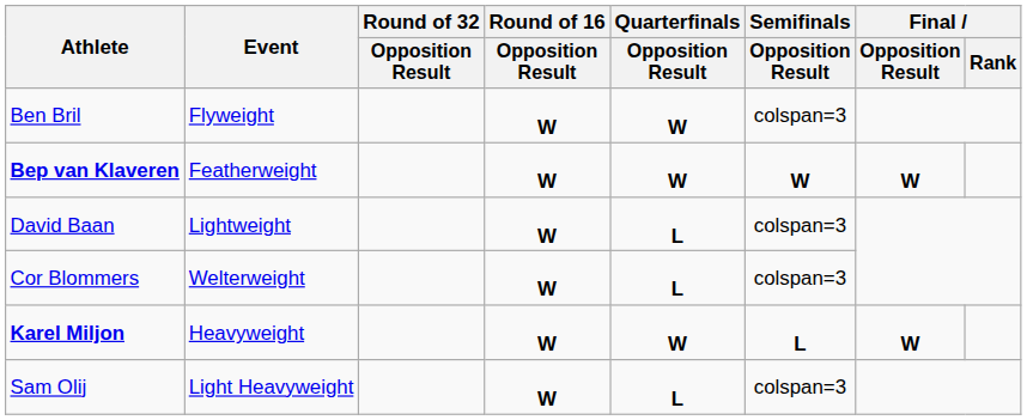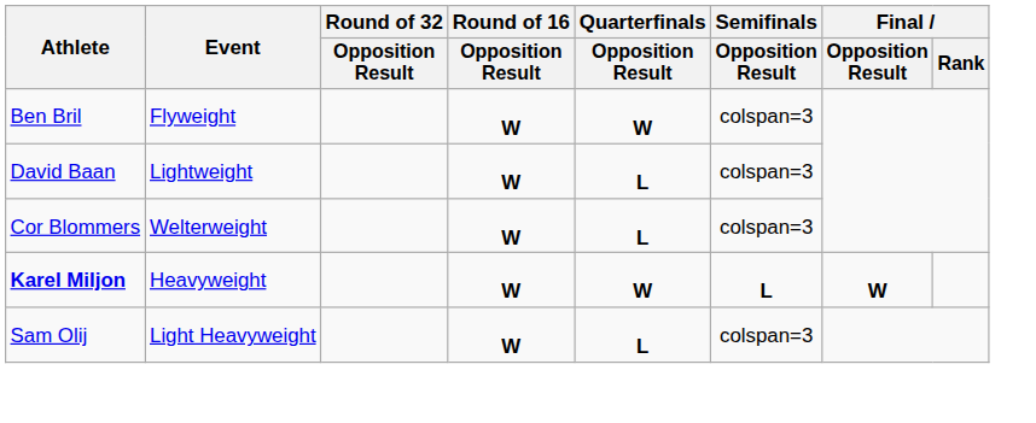 <table class="wikitable" style="font-size:90%">
 <tr>
 <th rowspan=2>Athlete</th>
 <th rowspan=2>Event</th>
 <th>Round of 32</th>
 <th>Round of 16</th>
 <th>Quarterfinals</th>
 <th>Semifinals</th>
 <th colspan=2>Final / </th>
 </tr>
 <tr style="font-size:95%">
 <th>Opposition<br>Result</th>
 <th>Opposition<br>Result</th>
 <th>Opposition<br>Result</th>
 <th>Opposition<br>Result</th>
 <th>Opposition<br>Result</th>
 <th>Rank</th>
 </tr>
 <tr align=center>
 <td align=left><a href='#'>Ben Bril</a></td>
 <td align=left><a href='#'>Flyweight</a></td>
 <td></td>
 <td><br><strong>W</strong></td>
 <td><br><strong>W</strong></td>
 <td>colspan=3 </td>
-</tr>
-<tr align=center>
-<td align=left><strong><a href='#'>Bep van Klaveren</a></strong></td>
-<td align=left><a href='#'>Featherweight</a></td>
-<td></td>
-<td><br><strong>W</strong></td>
-<td><br><strong>W</strong></td>
-<td><br><strong>W</strong></td>
-<td><br><strong>W</strong></td>
-<td></td>
 </tr>
 <tr align=center>
 <td align=left><a href='#'>David Baan</a></td>
 <td align=left><a href='#'>Lightweight</a></td>
 <td></td>
 <td><br><strong>W</strong></td>
 <td><br><strong>L</strong></td>
 <td>colspan=3 </td>
 </tr>
 <tr align=center>
 <td align=left><a href='#'>Cor Blommers</a></td>
 <td align=left><a href='#'>Welterweight</a></td>
 <td></td>
 <td><br><strong>W</strong></td>
 <td><br><strong>L</strong></td>
 <td>colspan=3 </td>
 </tr>
 <tr align=center>
 <td align=left><strong><a href='#'>Karel Miljon </a></strong></td>
 <td align=left><a href='#'>Heavyweight</a></td>
 <td></td>
 <td><br><strong>W</strong></td>
 <td><br><strong>W</strong></td>
 <td><br><strong>L</strong></td>
 <td><br><strong>W</strong></td>
 <td></td>
 </tr>
 <tr align=center>
 <td align=left><a href='#'>Sam Olij</a></td>
 <td align=left><a href='#'>Light Heavyweight</a></td>
 <td></td>
 <td><br><strong>W</strong></td>
 <td><br><strong>L</strong></td>
 <td>colspan=3 </td>
 </tr>
 </table>
